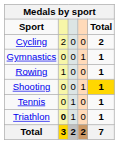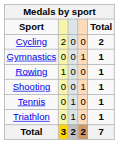 <table class=wikitable style="font-size:85%">
 <tr bgcolor=efefef>
 <th colspan=5><strong>Medals by sport</strong></th>
 </tr>
 <tr align=center>
 <td><strong>Sport</strong></td>
 <td bgcolor=#f7f6a8></td>
 <td bgcolor=#dce5e5></td>
 <td bgcolor=#ffdab9></td>
 <td><strong>Total</strong></td>
 </tr>
 <tr align=center>
 <td><a href='#'>Cycling</a></td>
 <td bgcolor=F7F6A8>2</td>
 <td bgcolor=DCE5E5>0</td>
 <td bgcolor=FFDAB9>0</td>
 <td><strong>2</strong></td>
 </tr>
 <tr align=center>
 <td><a href='#'>Gymnastics</a></td>
 <td bgcolor=F7F6A8>0</td>
 <td bgcolor=DCE5E5>0</td>
 <td bgcolor=FFDAB9>1</td>
 <td><strong>1</strong></td>
 </tr>
 <tr align=center>
 <td><a href='#'>Rowing</a></td>
 <td bgcolor=F7F6A8>1</td>
 <td bgcolor=DCE5E5>0</td>
 <td bgcolor=FFDAB9>0</td>
 <td><strong>1</strong></td>
 </tr>
 <tr align=center>
 <td><a href='#'>Shooting</a></td>
 <td bgcolor=F7F6A8>0</td>
 <td bgcolor=DCE5E5>0</td>
 <td bgcolor=FFDAB9>1</td>
-<td style="background: gold;"><strong>1</strong></td>
+<td><strong>1</strong></td>
 </tr>
 <tr align=center>
 <td><a href='#'>Tennis</a></td>
 <td bgcolor=F7F6A8>0</td>
 <td bgcolor=DCE5E5>1</td>
 <td bgcolor=FFDAB9>0</td>
 <td><strong>1</strong></td>
 </tr>
 <tr align=center>
 <td><a href='#'>Triathlon</a></td>
-<td bgcolor=F7F6A8><strong>0</strong></td>
+<td bgcolor=F7F6A8>0</td>
 <td bgcolor=DCE5E5>1</td>
 <td bgcolor=FFDAB9>0</td>
 <td><strong>1</strong></td>
 </tr>
 <tr align=center>
 <th><strong>Total</strong></th>
 <th style="background:gold"><strong>3</strong></th>
 <th style="background:silver"><strong>2</strong></th>
 <th style="background:#c96"><strong>2</strong></th>
 <th><strong>7</strong></th>
 </tr>
 </table>
